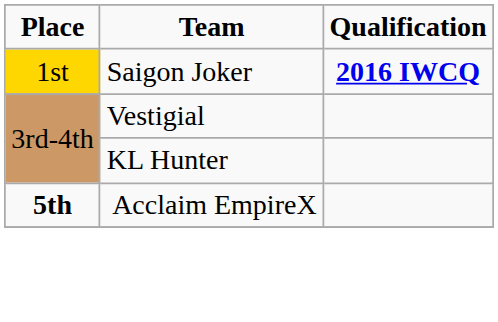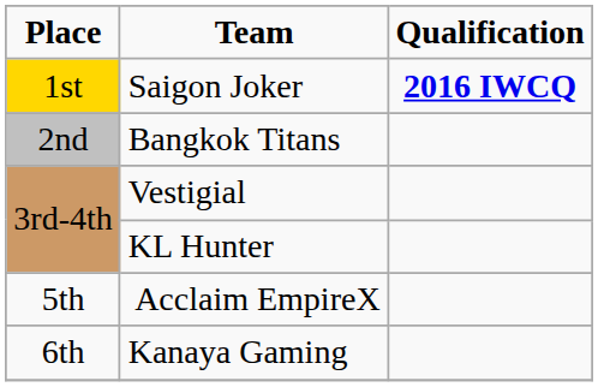 <table class="wikitable" style="text-align:left">
 <tr>
 <td style="text-align:center"><strong>Place</strong></td>
 <td style="text-align:center"><strong>Team</strong></td>
 <td style="text-align:center"><strong>Qualification</strong></td>
 </tr>
 <tr>
 <td style="text-align:center; background:gold;">1st</td>
 <td> Saigon Joker</td>
 <td style="text-align:center"><strong><a href='#'>2016 IWCQ</a></strong></td>
 </tr>
 <tr>
+<td style="text-align:center; background:silver;">2nd</td>
+<td> Bangkok Titans</td>
+<td style="text-align:center"></td>
+</tr>
+<tr>
 <td rowspan="2" style="text-align:center; background:#c96;">3rd-4th</td>
 <td> Vestigial</td>
 <td style="text-align:center"></td>
 </tr>
 <tr>
 <td> KL Hunter</td>
 <td style="text-align:center"></td>
 </tr>
 <tr>
-<td style="text-align:center"><strong>5th</strong></td>
+<td style="text-align:center">5th</td>
 <td>⁠ Acclaim EmpireX</td>
+<td style="text-align:center"></td>
+</tr>
+<tr>
+<td style="text-align:center">6th</td>
+<td> Kanaya Gaming</td>
 <td style="text-align:center"></td>
 </tr>
 <tr>
 </tr>
 </table>
